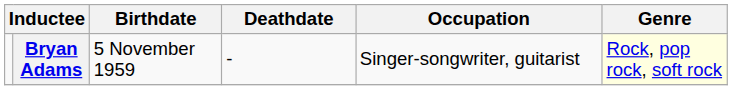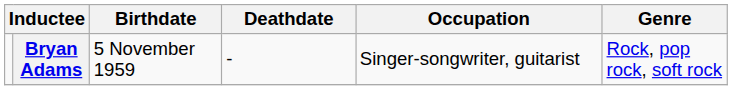 <table class="wikitable" width="100%">
 <tr>
 <th colspan=2>Inductee</th>
 <th width="20%">Birthdate</th>
 <th width="20%">Deathdate</th>
 <th width="40%">Occupation</th>
 <th width="40%">Genre</th>
 </tr>
 <tr>
 <td></td>
 <th><a href='#'>Bryan Adams</a></th>
 <td>5 November 1959</td>
 <td>-</td>
 <td>Singer-songwriter, guitarist</td>
-<td style="background: lightyellow;"><a href='#'>Rock</a>, <a href='#'>pop rock</a>, <a href='#'>soft rock</a></td>
+<td><a href='#'>Rock</a>, <a href='#'>pop rock</a>, <a href='#'>soft rock</a></td>
 </tr>
 <tr>
 </tr>
 </table>
